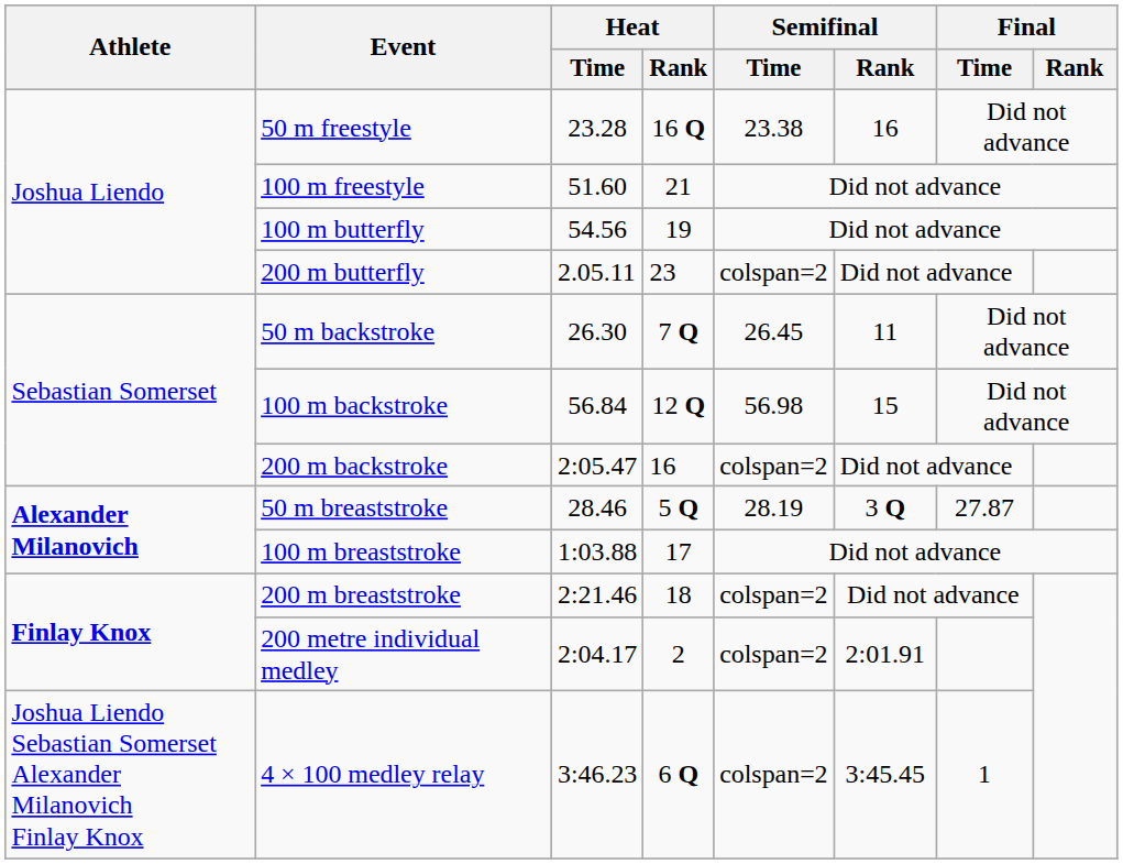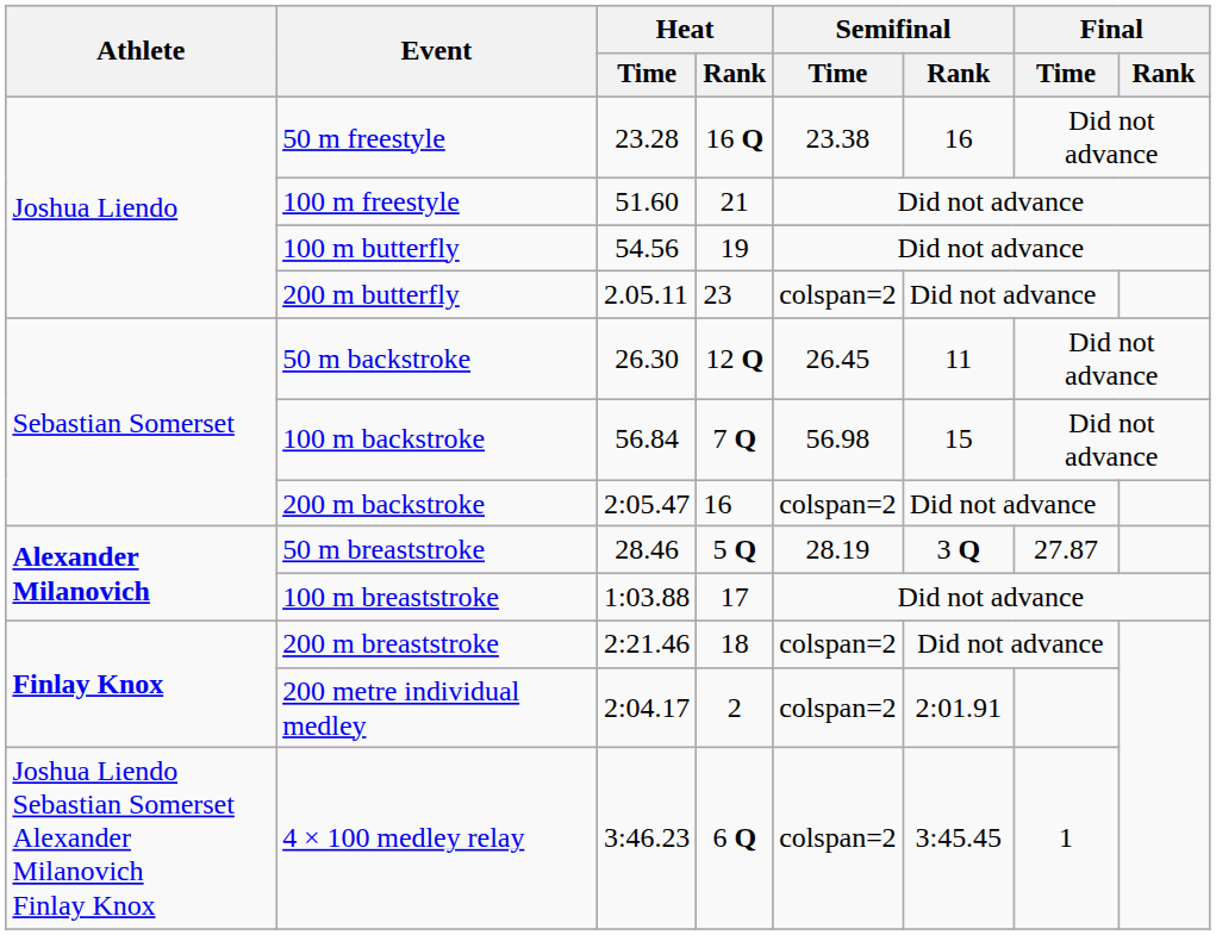 <table class=wikitable style="font-size:90%">
 <tr>
 <th rowspan=2>Athlete</th>
 <th rowspan=2>Event</th>
 <th colspan="2">Heat</th>
 <th colspan="2">Semifinal</th>
 <th colspan="2">Final</th>
 </tr>
 <tr style="font-size:95%">
 <th>Time</th>
 <th>Rank</th>
 <th>Time</th>
 <th>Rank</th>
 <th>Time</th>
 <th>Rank</th>
 </tr>
 <tr align=center>
 <td align=left rowspan=4><a href='#'>Joshua Liendo</a></td>
 <td align=left><a href='#'>50 m freestyle</a></td>
 <td>23.28</td>
 <td>16 <strong>Q</strong></td>
 <td>23.38</td>
 <td>16</td>
 <td colspan=2>Did not advance</td>
 </tr>
 <tr align=center>
 <td align=left><a href='#'>100 m freestyle</a></td>
 <td>51.60</td>
 <td>21</td>
 <td colspan=4>Did not advance</td>
 </tr>
 <tr align=center>
 <td align=left><a href='#'>100 m butterfly</a></td>
 <td>54.56</td>
 <td>19</td>
 <td colspan=4>Did not advance</td>
 </tr>
 <tr>
 <td align=left><a href='#'>200 m butterfly</a></td>
 <td>2.05.11</td>
 <td>23</td>
 <td>colspan=2 </td>
 <td colspan=2>Did not advance</td>
 </tr>
 <tr align=center>
 <td align=left rowspan=3><a href='#'>Sebastian Somerset</a></td>
 <td align=left><a href='#'>50 m backstroke</a></td>
 <td>26.30</td>
-<td>7 <strong>Q</strong></td>
+<td>12 <strong>Q</strong></td>
 <td>26.45</td>
 <td>11</td>
 <td colspan=2>Did not advance</td>
 </tr>
 <tr align=center>
 <td align=left><a href='#'>100 m backstroke</a></td>
 <td>56.84</td>
-<td>12 <strong>Q</strong></td>
+<td>7 <strong>Q</strong></td>
 <td>56.98</td>
 <td>15</td>
 <td colspan=2>Did not advance</td>
 </tr>
 <tr>
 <td align=left><a href='#'>200 m backstroke</a></td>
 <td>2:05.47</td>
 <td>16</td>
 <td>colspan=2 </td>
 <td colspan=2>Did not advance</td>
 </tr>
 <tr align=center>
 <td align=left rowspan=2><strong><a href='#'>Alexander Milanovich</a></strong></td>
 <td align=left><a href='#'>50 m breaststroke</a></td>
 <td>28.46</td>
 <td>5 <strong>Q</strong></td>
 <td>28.19</td>
 <td>3 <strong>Q</strong></td>
 <td>27.87</td>
 <td></td>
 </tr>
 <tr align=center>
 <td align=left><a href='#'>100 m breaststroke</a></td>
 <td>1:03.88</td>
 <td>17</td>
 <td colspan=4>Did not advance</td>
 </tr>
 <tr align=center>
 <td align=left rowspan=2><strong><a href='#'>Finlay Knox</a></strong></td>
 <td align=left><a href='#'>200 m breaststroke</a></td>
 <td>2:21.46</td>
 <td>18</td>
 <td>colspan=2 </td>
 <td colspan=2>Did not advance</td>
 </tr>
 <tr align=center>
 <td align=left><a href='#'>200 metre individual medley</a></td>
 <td>2:04.17</td>
 <td>2</td>
 <td>colspan=2 </td>
 <td>2:01.91</td>
 <td></td>
 </tr>
 <tr align=center>
 <td align=left><a href='#'>Joshua Liendo</a><br><a href='#'>Sebastian Somerset</a><br><a href='#'>Alexander Milanovich</a><br><a href='#'>Finlay Knox</a></td>
 <td align=left><a href='#'>4 × 100 medley relay</a></td>
 <td>3:46.23</td>
 <td>6 <strong>Q</strong></td>
 <td>colspan=2 </td>
 <td>3:45.45</td>
 <td>1</td>
 </tr>
 </table>
